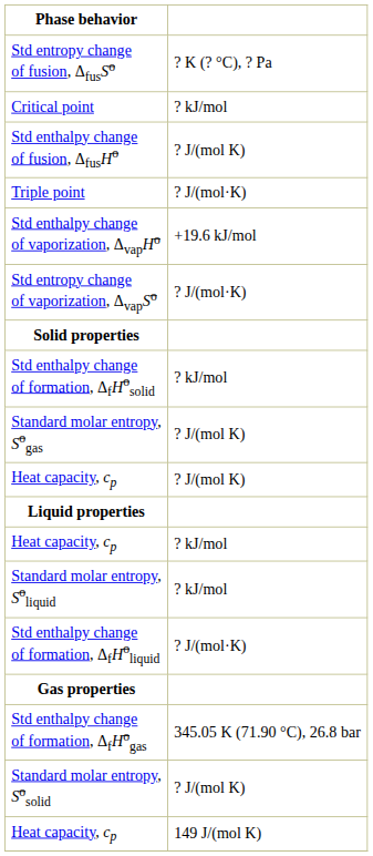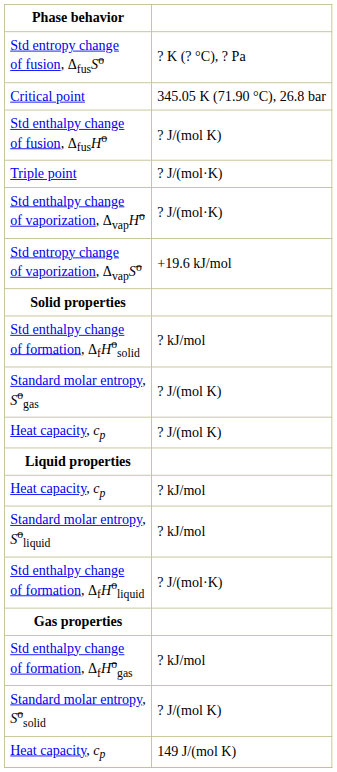 <table border="1" cellspacing="0" cellpadding="6" style="margin: 0 0 0 0.5em; background: #FFFFFF; border-collapse: collapse; border-color: #C0C090;">
 <tr>
 <th>Phase behavior</th>
 </tr>
 <tr>
 <td><a href='#'>Std entropy change<br>of fusion</a>, Δ<sub>fus</sub><em>S</em><sup><s>o</s></sup></td>
 <td>? K (? °C), ? Pa</td>
 </tr>
 <tr>
 <td><a href='#'>Critical point</a></td>
-<td>? kJ/mol</td>
+<td>345.05 K (71.90 °C), 26.8 bar</td>
 </tr>
 <tr>
 <td><a href='#'>Std enthalpy change<br>of fusion</a>, Δ<sub>fus</sub><em>H</em><sup><s>o</s></sup></td>
 <td>? J/(mol K)</td>
 </tr>
 <tr>
 <td><a href='#'>Triple point</a></td>
 <td>? J/(mol·K)</td>
 </tr>
 <tr>
 <td><a href='#'>Std enthalpy change<br>of vaporization</a>, Δ<sub>vap</sub><em>H</em><sup><s>o</s></sup></td>
-<td>+19.6 kJ/mol</td>
+<td>? J/(mol·K)</td>
 </tr>
 <tr>
 <td><a href='#'>Std entropy change<br>of vaporization</a>, Δ<sub>vap</sub><em>S</em><sup><s>o</s></sup></td>
-<td>? J/(mol·K)</td>
+<td>+19.6 kJ/mol</td>
 </tr>
 <tr>
 <th>Solid properties</th>
 </tr>
 <tr>
 <td><a href='#'>Std enthalpy change<br>of formation</a>, Δ<sub>f</sub><em>H</em><sup><s>o</s></sup><sub>solid</sub></td>
 <td>? kJ/mol</td>
 </tr>
 <tr>
 <td><a href='#'>Standard molar entropy</a>,<br><em>S</em><sup><s>o</s></sup><sub>gas</sub></td>
 <td>? J/(mol K)</td>
 </tr>
 <tr>
 <td><a href='#'>Heat capacity</a>, <em>c<sub>p</sub></em></td>
 <td>? J/(mol K)</td>
 </tr>
 <tr>
 <th>Liquid properties</th>
 </tr>
 <tr>
 <td><a href='#'>Heat capacity</a>, <em>c<sub>p</sub></em></td>
 <td>? kJ/mol</td>
 </tr>
 <tr>
 <td><a href='#'>Standard molar entropy</a>,<br><em>S</em><sup><s>o</s></sup><sub>liquid</sub></td>
 <td>? kJ/mol</td>
 </tr>
 <tr>
 <td><a href='#'>Std enthalpy change<br>of formation</a>, Δ<sub>f</sub><em>H</em><sup><s>o</s></sup><sub>liquid</sub></td>
 <td>? J/(mol·K)</td>
 </tr>
 <tr>
 <th>Gas properties</th>
 </tr>
 <tr>
 <td><a href='#'>Std enthalpy change<br>of formation</a>, Δ<sub>f</sub><em>H</em><sup><s>o</s></sup><sub>gas</sub></td>
-<td>345.05 K (71.90 °C), 26.8 bar</td>
+<td>? kJ/mol</td>
 </tr>
 <tr>
 <td><a href='#'>Standard molar entropy</a>,<br><em>S</em><sup><s>o</s></sup><sub>solid</sub></td>
 <td>? J/(mol K)</td>
 </tr>
 <tr>
 <td><a href='#'>Heat capacity</a>, <em>c<sub>p</sub></em></td>
 <td>149 J/(mol K)</td>
 </tr>
 <tr>
 </tr>
 </table>
